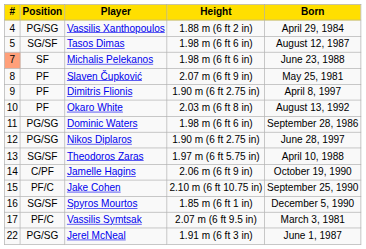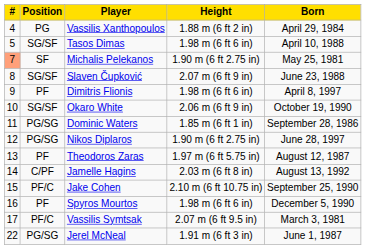 <table class="wikitable sortable" style="text-align: center;">
 <tr>
 <td style="background:#FFDF00; color:black"><strong>#</strong></td>
 <td style="background:#FFDF00; color:black"><strong>Position</strong></td>
 <td style="background:#FFDF00; color:black"><strong>Player</strong></td>
 <td style="background:#FFDF00; color:black"><strong>Height</strong></td>
 <td style="background:#FFDF00; color:black"><strong>Born</strong></td>
 </tr>
 <tr>
 <td>4</td>
-<td>PG/SG</td>
+<td>PG</td>
 <td align="left"> <a href='#'>Vassilis Xanthopoulos</a></td>
 <td>1.88 m (6 ft 2 in)</td>
 <td>April 29, 1984</td>
 </tr>
 <tr>
 <td>5</td>
 <td>SG/SF</td>
 <td align="left"> <a href='#'>Tasos Dimas</a></td>
 <td>1.98 m (6 ft 6 in)</td>
-<td>August 12, 1987</td>
+<td>April 10, 1988</td>
 </tr>
 <tr>
 <td style="background: lightsalmon;">7</td>
 <td>SF</td>
 <td align="left"> <a href='#'>Michalis Pelekanos</a></td>
-<td>1.98 m (6 ft 6 in)</td>
-<td>June 23, 1988</td>
+<td>1.90 m (6 ft 2.75 in)</td>
+<td>May 25, 1981</td>
 </tr>
 <tr>
 <td>8</td>
-<td>PF</td>
+<td>SG/SF</td>
 <td align="left"> <a href='#'>Slaven Čupković</a></td>
 <td>2.07 m (6 ft 9 in)</td>
-<td>May 25, 1981</td>
+<td>June 23, 1988</td>
 </tr>
 <tr>
 <td>9</td>
 <td>PF</td>
 <td align="left"> <a href='#'>Dimitris Flionis</a></td>
-<td>1.90 m (6 ft 2.75 in)</td>
+<td>1.98 m (6 ft 6 in)</td>
 <td>April 8, 1997</td>
 </tr>
 <tr>
 <td>10</td>
-<td>PF</td>
+<td>SG/SF</td>
 <td align="left"> <a href='#'>Okaro White</a></td>
-<td>2.03 m (6 ft 8 in)</td>
-<td>August 13, 1992</td>
+<td>2.06 m (6 ft 9 in)</td>
+<td>October 19, 1990</td>
 </tr>
 <tr>
 <td>11</td>
 <td>PG/SG</td>
 <td align="left"> <a href='#'>Dominic Waters</a></td>
-<td>1.98 m (6 ft 6 in)</td>
+<td>1.85 m (6 ft 1 in)</td>
 <td>September 28, 1986</td>
 </tr>
 <tr>
 <td>12</td>
 <td>PG/SG</td>
 <td align="left"> <a href='#'>Nikos Diplaros</a></td>
 <td>1.90 m (6 ft 2.75 in)</td>
 <td>June 28, 1997</td>
 </tr>
 <tr>
 <td>13</td>
-<td>SG/SF</td>
+<td>PF</td>
 <td align="left"> <a href='#'>Theodoros Zaras</a></td>
 <td>1.97 m (6 ft 5.75 in)</td>
-<td>April 10, 1988</td>
+<td>August 12, 1987</td>
 </tr>
 <tr>
 <td>14</td>
 <td>C/PF</td>
 <td align="left"> <a href='#'>Jamelle Hagins</a></td>
-<td>2.06 m (6 ft 9 in)</td>
-<td>October 19, 1990</td>
+<td>2.03 m (6 ft 8 in)</td>
+<td>August 13, 1992</td>
 </tr>
 <tr>
 <td>15</td>
 <td>PF/C</td>
 <td align="left"> <a href='#'>Jake Cohen</a></td>
 <td>2.10 m (6 ft 10.75 in)</td>
 <td>September 25, 1990</td>
 </tr>
 <tr>
 <td>16</td>
-<td>SG/SF</td>
+<td>PF</td>
 <td align="left"> <a href='#'>Spyros Mourtos</a></td>
-<td>1.85 m (6 ft 1 in)</td>
+<td>1.98 m (6 ft 6 in)</td>
 <td>December 5, 1990</td>
 </tr>
 <tr>
 <td>17</td>
 <td>PF/C</td>
 <td align="left"> <a href='#'>Vassilis Symtsak</a></td>
 <td>2.07 m (6 ft 9.5 in)</td>
 <td>March 3, 1981</td>
 </tr>
 <tr>
 <td>22</td>
 <td>PG/SG</td>
 <td align="left"> <a href='#'>Jerel McNeal</a></td>
 <td>1.91 m (6 ft 3 in)</td>
 <td>June 1, 1987</td>
 </tr>
 </table>
